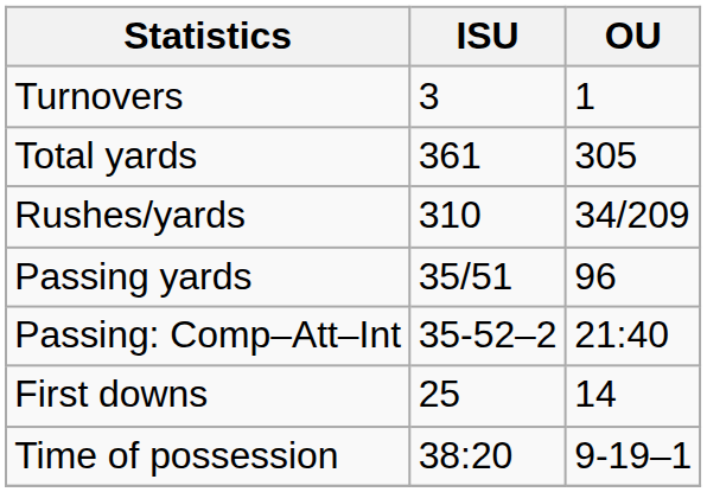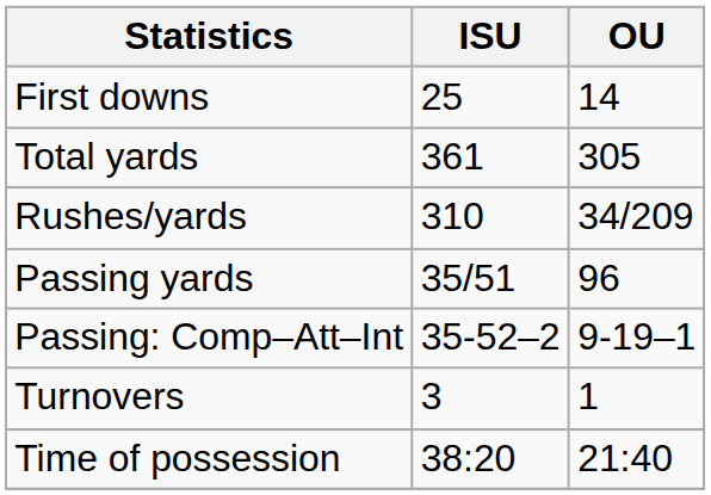 <table class="wikitable" style="float: left;">
 <tr>
 <th>Statistics</th>
 <th>ISU</th>
 <th>OU</th>
 </tr>
 <tr>
-<td>Turnovers</td>
-<td>3</td>
-<td>1</td>
+<td>First downs</td>
+<td>25</td>
+<td>14</td>
 </tr>
 <tr>
 <td>Total yards</td>
 <td>361</td>
 <td>305</td>
 </tr>
 <tr>
 <td>Rushes/yards</td>
 <td>310</td>
 <td>34/209</td>
 </tr>
 <tr>
 <td>Passing yards</td>
 <td>35/51</td>
 <td>96</td>
 </tr>
 <tr>
 <td>Passing: Comp–Att–Int</td>
 <td>35-52–2</td>
-<td>21:40</td>
+<td>9-19–1</td>
 </tr>
 <tr>
-<td>First downs</td>
-<td>25</td>
-<td>14</td>
+<td>Turnovers</td>
+<td>3</td>
+<td>1</td>
 </tr>
 <tr>
 <td>Time of possession</td>
 <td>38:20</td>
-<td>9-19–1</td>
+<td>21:40</td>
 </tr>
 <tr>
 </tr>
 </table>
